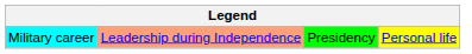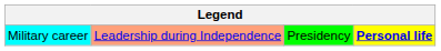 <table class="wikitable">
 <tr>
 <th colspan="4">Legend</th>
 </tr>
 <tr>
 <td style="background:aqua;">Military career</td>
 <td style="background:lightsalmon;"><a href='#'>Leadership during Independence</a></td>
 <td style="background:lime;">Presidency</td>
-<td style="background:yellow;"><a href='#'>Personal life</a></td>
+<td style="background:yellow;"><strong><a href='#'>Personal life</a></strong></td>
 </tr>
 </table>
